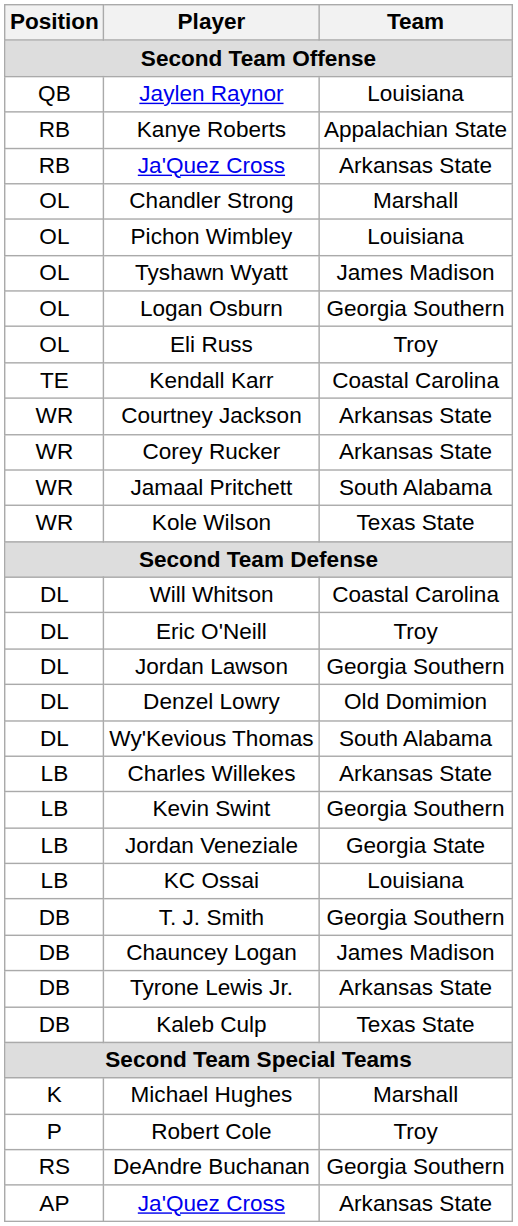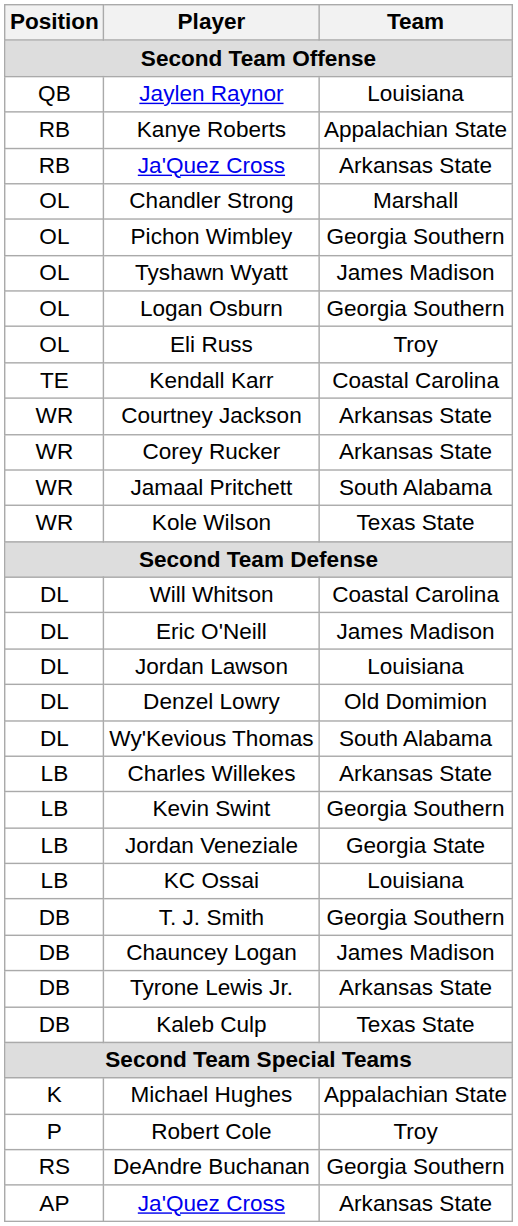 <table class="wikitable" border="0" style="text-align:center;">
 <tr>
 <th>Position</th>
 <th>Player</th>
 <th>Team</th>
 </tr>
 <tr>
 <td colspan="3" style="text-align:center; background:#ddd;"><strong>Second Team Offense </strong></td>
 </tr>
 <tr>
 <td style="background:white">QB</td>
 <td style="background:white"><a href='#'>Jaylen Raynor</a></td>
 <td style="background:white">Louisiana</td>
 </tr>
 <tr>
 <td style="background:white">RB</td>
 <td style="background:white">Kanye Roberts</td>
 <td style="background:white">Appalachian State</td>
 </tr>
 <tr>
 <td style="background:white">RB</td>
 <td style="background:white"><a href='#'>Ja'Quez Cross</a></td>
 <td style="background:white">Arkansas State</td>
 </tr>
 <tr>
 <td style="background:white">OL</td>
 <td style="background:white">Chandler Strong</td>
 <td style="background:white">Marshall</td>
 </tr>
 <tr>
 <td style="background:white">OL</td>
 <td style="background:white">Pichon Wimbley</td>
-<td style="background:white">Louisiana</td>
+<td style="background:white">Georgia Southern</td>
 </tr>
 <tr>
 <td style="background:white">OL</td>
 <td style="background:white">Tyshawn Wyatt</td>
 <td style="background:white">James Madison</td>
 </tr>
 <tr>
 <td style="background:white">OL</td>
 <td style="background:white">Logan Osburn</td>
 <td style="background:white">Georgia Southern</td>
 </tr>
 <tr>
 <td style="background:white">OL</td>
 <td style="background:white">Eli Russ</td>
 <td style="background:white">Troy</td>
 </tr>
 <tr>
 <td style="background:white">TE</td>
 <td style="background:white">Kendall Karr</td>
 <td style="background:white">Coastal Carolina</td>
 </tr>
 <tr>
 <td style="background:white">WR</td>
 <td style="background:white">Courtney Jackson</td>
 <td style="background:white">Arkansas State</td>
 </tr>
 <tr>
 <td style="background:white">WR</td>
 <td style="background:white">Corey Rucker</td>
 <td style="background:white">Arkansas State</td>
 </tr>
 <tr>
 <td style="background:white">WR</td>
 <td style="background:white">Jamaal Pritchett</td>
 <td style="background:white">South Alabama</td>
 </tr>
 <tr>
 <td style="background:white">WR</td>
 <td style="background:white">Kole Wilson</td>
 <td style="background:white">Texas State</td>
 </tr>
 <tr>
 <td colspan="3" style="text-align:center; background:#ddd;"><strong>Second Team Defense</strong></td>
 </tr>
 <tr>
 <td style="background:white">DL</td>
 <td style="background:white">Will Whitson</td>
 <td style="background:white">Coastal Carolina</td>
 </tr>
 <tr>
 <td style="background:white">DL</td>
 <td style="background:white">Eric O'Neill</td>
-<td style="background:white">Troy</td>
+<td style="background:white">James Madison</td>
 </tr>
 <tr>
 <td style="background:white">DL</td>
 <td style="background:white">Jordan Lawson</td>
-<td style="background:white">Georgia Southern</td>
+<td style="background:white">Louisiana</td>
 </tr>
 <tr>
 <td style="background:white">DL</td>
 <td style="background:white">Denzel Lowry</td>
 <td style="background:white">Old Domimion</td>
 </tr>
 <tr>
 <td style="background:white">DL</td>
 <td style="background:white">Wy'Kevious Thomas</td>
 <td style="background:white">South Alabama</td>
 </tr>
 <tr>
 <td style="background:white">LB</td>
 <td style="background:white">Charles Willekes</td>
 <td style="background:white">Arkansas State</td>
 </tr>
 <tr>
 <td style="background:white">LB</td>
 <td style="background:white">Kevin Swint</td>
 <td style="background:white">Georgia Southern</td>
 </tr>
 <tr>
 <td style="background:white">LB</td>
 <td style="background:white">Jordan Veneziale</td>
 <td style="background:white">Georgia State</td>
 </tr>
 <tr>
 <td style="background:white">LB</td>
 <td style="background:white">KC Ossai</td>
 <td style="background:white">Louisiana</td>
 </tr>
 <tr>
 <td style="background:white">DB</td>
 <td style="background:white">T. J. Smith</td>
 <td style="background:white">Georgia Southern</td>
 </tr>
 <tr>
 <td style="background:white">DB</td>
 <td style="background:white">Chauncey Logan</td>
 <td style="background:white">James Madison</td>
 </tr>
 <tr>
 <td style="background:white">DB</td>
 <td style="background:white">Tyrone Lewis Jr.</td>
 <td style="background:white">Arkansas State</td>
 </tr>
 <tr>
 <td style="background:white">DB</td>
 <td style="background:white">Kaleb Culp</td>
 <td style="background:white">Texas State</td>
 </tr>
 <tr>
 <td colspan="3" style="text-align:center; background:#ddd;"><strong>Second Team Special Teams </strong></td>
 </tr>
 <tr>
 <td style="background:white">K</td>
 <td style="background:white">Michael Hughes</td>
-<td style="background:white">Marshall</td>
+<td style="background:white">Appalachian State</td>
 </tr>
 <tr>
 <td style="background:white">P</td>
 <td style="background:white">Robert Cole</td>
 <td style="background:white">Troy</td>
 </tr>
 <tr>
 <td style="background:white">RS</td>
 <td style="background:white">DeAndre Buchanan</td>
 <td style="background:white">Georgia Southern</td>
 </tr>
 <tr>
 <td style="background:white">AP</td>
 <td style="background:white"><a href='#'>Ja'Quez Cross</a></td>
 <td style="background:white">Arkansas State</td>
 </tr>
 <tr>
 </tr>
 </table>
